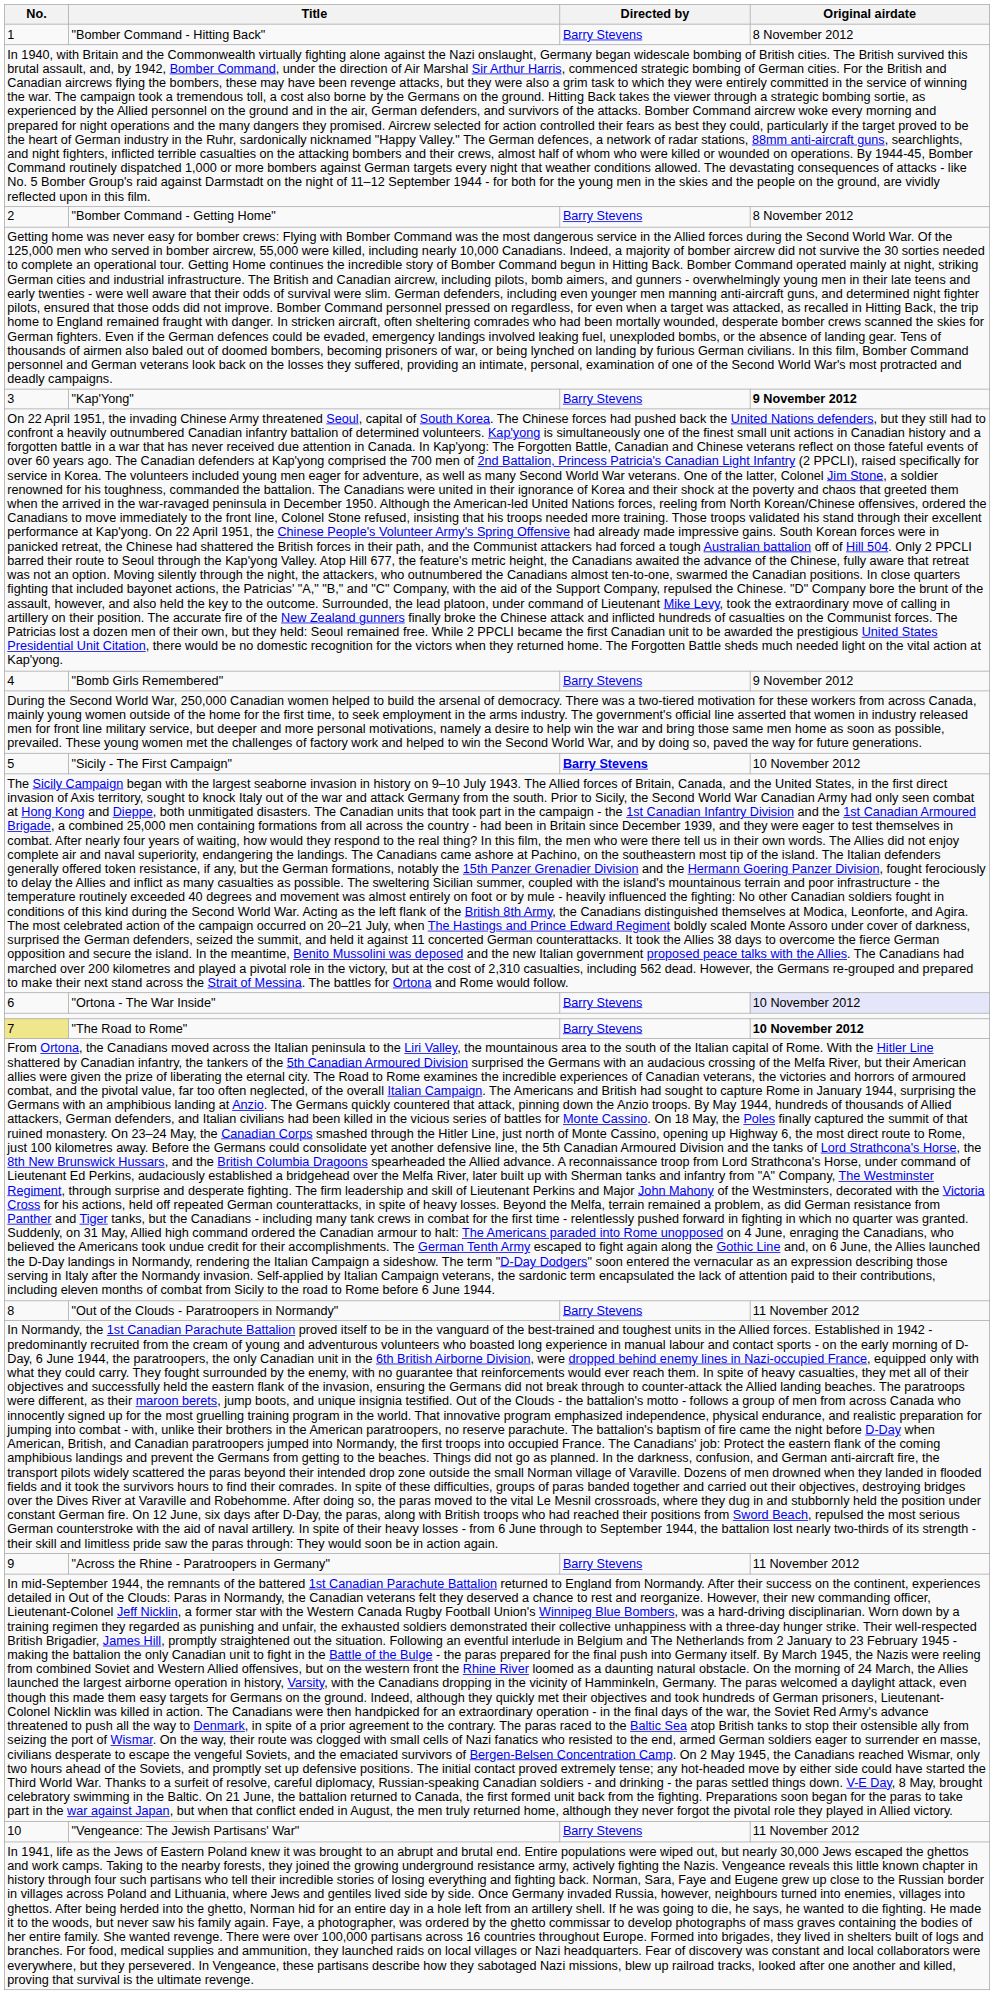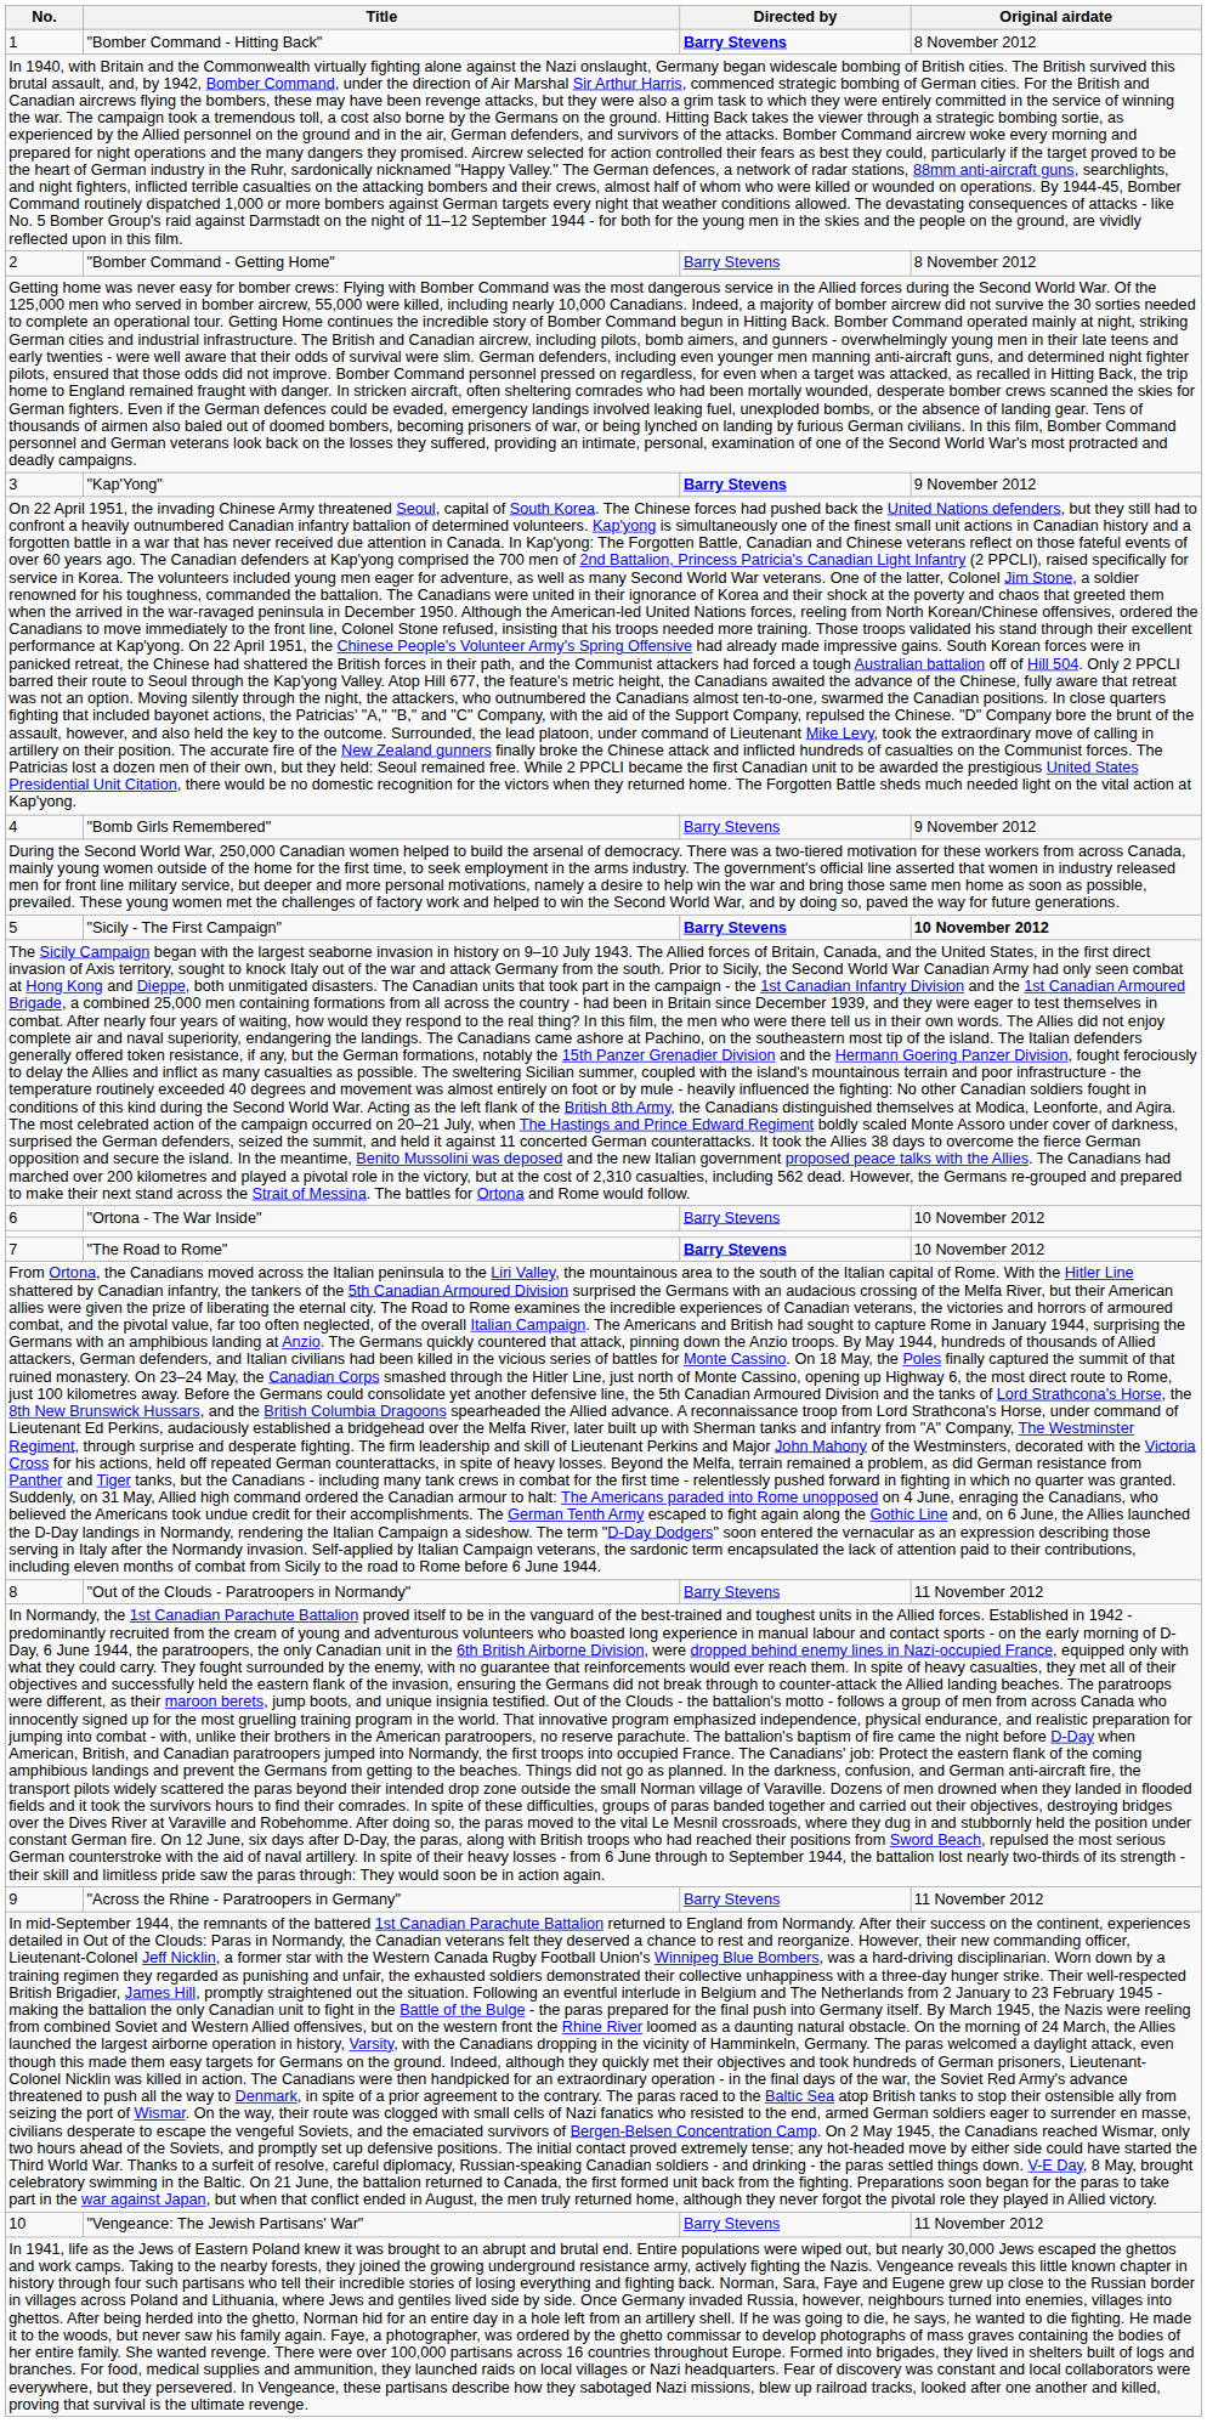 <table class="wikitable sortable">
 <tr>
 <th>No.</th>
 <th>Title</th>
 <th>Directed by</th>
 <th>Original airdate</th>
 </tr>
 <tr>
 <td>1</td>
 <td>"Bomber Command - Hitting Back"</td>
-<td><a href='#'>Barry Stevens</a></td>
+<td><strong><a href='#'>Barry Stevens</a></strong></td>
 <td>8 November 2012</td>
 </tr>
 <tr>
 <td colspan="4">In 1940, with Britain and the Commonwealth virtually fighting alone against the Nazi onslaught, Germany began widescale bombing of British cities. The British survived this brutal assault, and, by 1942, <a href='#'>Bomber Command</a>, under the direction of Air Marshal <a href='#'>Sir Arthur Harris</a>, commenced strategic bombing of German cities. For the British and Canadian aircrews flying the bombers, these may have been revenge attacks, but they were also a grim task to which they were entirely committed in the service of winning the war. The campaign took a tremendous toll, a cost also borne by the Germans on the ground. Hitting Back takes the viewer through a strategic bombing sortie, as experienced by the Allied personnel on the ground and in the air, German defenders, and survivors of the attacks. Bomber Command aircrew woke every morning and prepared for night operations and the many dangers they promised. Aircrew selected for action controlled their fears as best they could, particularly if the target proved to be the heart of German industry in the Ruhr, sardonically nicknamed "Happy Valley." The German defences, a network of radar stations, <a href='#'>88mm anti-aircraft guns</a>, searchlights, and night fighters, inflicted terrible casualties on the attacking bombers and their crews, almost half of whom who were killed or wounded on operations. By 1944-45, Bomber Command routinely dispatched 1,000 or more bombers against German targets every night that weather conditions allowed. The devastating consequences of attacks - like No. 5 Bomber Group's raid against Darmstadt on the night of 11–12 September 1944 - for both for the young men in the skies and the people on the ground, are vividly reflected upon in this film.</td>
 </tr>
 <tr>
 <td>2</td>
 <td>"Bomber Command - Getting Home"</td>
 <td><a href='#'>Barry Stevens</a></td>
 <td>8 November 2012</td>
 </tr>
 <tr>
 <td colspan="4">Getting home was never easy for bomber crews: Flying with Bomber Command was the most dangerous service in the Allied forces during the Second World War. Of the 125,000 men who served in bomber aircrew, 55,000 were killed, including nearly 10,000 Canadians. Indeed, a majority of bomber aircrew did not survive the 30 sorties needed to complete an operational tour. Getting Home continues the incredible story of Bomber Command begun in Hitting Back. Bomber Command operated mainly at night, striking German cities and industrial infrastructure. The British and Canadian aircrew, including pilots, bomb aimers, and gunners - overwhelmingly young men in their late teens and early twenties - were well aware that their odds of survival were slim. German defenders, including even younger men manning anti-aircraft guns, and determined night fighter pilots, ensured that those odds did not improve. Bomber Command personnel pressed on regardless, for even when a target was attacked, as recalled in Hitting Back, the trip home to England remained fraught with danger. In stricken aircraft, often sheltering comrades who had been mortally wounded, desperate bomber crews scanned the skies for German fighters. Even if the German defences could be evaded, emergency landings involved leaking fuel, unexploded bombs, or the absence of landing gear. Tens of thousands of airmen also baled out of doomed bombers, becoming prisoners of war, or being lynched on landing by furious German civilians. In this film, Bomber Command personnel and German veterans look back on the losses they suffered, providing an intimate, personal, examination of one of the Second World War's most protracted and deadly campaigns.</td>
 </tr>
 <tr>
 <td>3</td>
 <td>"Kap'Yong"</td>
-<td><a href='#'>Barry Stevens</a></td>
-<td><strong>9 November 2012</strong></td>
+<td><strong><a href='#'>Barry Stevens</a></strong></td>
+<td>9 November 2012</td>
 </tr>
 <tr>
 <td colspan="4">On 22 April 1951, the invading Chinese Army threatened <a href='#'>Seoul</a>, capital of <a href='#'>South Korea</a>. The Chinese forces had pushed back the <a href='#'>United Nations defenders</a>, but they still had to confront a heavily outnumbered Canadian infantry battalion of determined volunteers. <a href='#'>Kap'yong</a> is simultaneously one of the finest small unit actions in Canadian history and a forgotten battle in a war that has never received due attention in Canada. In Kap'yong: The Forgotten Battle, Canadian and Chinese veterans reflect on those fateful events of over 60 years ago. The Canadian defenders at Kap'yong comprised the 700 men of <a href='#'>2nd Battalion, Princess Patricia's Canadian Light Infantry</a> (2 PPCLI), raised specifically for service in Korea. The volunteers included young men eager for adventure, as well as many Second World War veterans. One of the latter, Colonel <a href='#'>Jim Stone</a>, a soldier renowned for his toughness, commanded the battalion. The Canadians were united in their ignorance of Korea and their shock at the poverty and chaos that greeted them when the arrived in the war-ravaged peninsula in December 1950. Although the American-led United Nations forces, reeling from North Korean/Chinese offensives, ordered the Canadians to move immediately to the front line, Colonel Stone refused, insisting that his troops needed more training. Those troops validated his stand through their excellent performance at Kap'yong. On 22 April 1951, the <a href='#'>Chinese People's Volunteer Army's Spring Offensive</a> had already made impressive gains. South Korean forces were in panicked retreat, the Chinese had shattered the British forces in their path, and the Communist attackers had forced a tough <a href='#'>Australian battalion</a> off of <a href='#'>Hill 504</a>. Only 2 PPCLI barred their route to Seoul through the Kap'yong Valley. Atop Hill 677, the feature's metric height, the Canadians awaited the advance of the Chinese, fully aware that retreat was not an option. Moving silently through the night, the attackers, who outnumbered the Canadians almost ten-to-one, swarmed the Canadian positions. In close quarters fighting that included bayonet actions, the Patricias' "A," "B," and "C" Company, with the aid of the Support Company, repulsed the Chinese. "D" Company bore the brunt of the assault, however, and also held the key to the outcome. Surrounded, the lead platoon, under command of Lieutenant <a href='#'>Mike Levy</a>, took the extraordinary move of calling in artillery on their position. The accurate fire of the <a href='#'>New Zealand gunners</a> finally broke the Chinese attack and inflicted hundreds of casualties on the Communist forces. The Patricias lost a dozen men of their own, but they held: Seoul remained free. While 2 PPCLI became the first Canadian unit to be awarded the prestigious <a href='#'>United States Presidential Unit Citation</a>, there would be no domestic recognition for the victors when they returned home. The Forgotten Battle sheds much needed light on the vital action at Kap'yong.</td>
 </tr>
 <tr>
 <td>4</td>
 <td>"Bomb Girls Remembered"</td>
 <td><a href='#'>Barry Stevens</a></td>
 <td>9 November 2012</td>
 </tr>
 <tr>
 <td colspan="4">During the Second World War, 250,000 Canadian women helped to build the arsenal of democracy. There was a two-tiered motivation for these workers from across Canada, mainly young women outside of the home for the first time, to seek employment in the arms industry. The government's official line asserted that women in industry released men for front line military service, but deeper and more personal motivations, namely a desire to help win the war and bring those same men home as soon as possible, prevailed. These young women met the challenges of factory work and helped to win the Second World War, and by doing so, paved the way for future generations.</td>
 </tr>
 <tr>
 <td>5</td>
 <td>"Sicily - The First Campaign"</td>
 <td><strong><a href='#'>Barry Stevens</a></strong></td>
-<td>10 November 2012</td>
+<td><strong>10 November 2012</strong></td>
 </tr>
 <tr>
 <td colspan="4">The <a href='#'>Sicily Campaign</a> began with the largest seaborne invasion in history on 9–10 July 1943. The Allied forces of Britain, Canada, and the United States, in the first direct invasion of Axis territory, sought to knock Italy out of the war and attack Germany from the south. Prior to Sicily, the Second World War Canadian Army had only seen combat at <a href='#'>Hong Kong</a> and <a href='#'>Dieppe</a>, both unmitigated disasters. The Canadian units that took part in the campaign - the <a href='#'>1st Canadian Infantry Division</a> and the <a href='#'>1st Canadian Armoured Brigade</a>, a combined 25,000 men containing formations from all across the country - had been in Britain since December 1939, and they were eager to test themselves in combat. After nearly four years of waiting, how would they respond to the real thing? In this film, the men who were there tell us in their own words. The Allies did not enjoy complete air and naval superiority, endangering the landings. The Canadians came ashore at Pachino, on the southeastern most tip of the island. The Italian defenders generally offered token resistance, if any, but the German formations, notably the <a href='#'>15th Panzer Grenadier Division</a> and the <a href='#'>Hermann Goering Panzer Division</a>, fought ferociously to delay the Allies and inflict as many casualties as possible. The sweltering Sicilian summer, coupled with the island's mountainous terrain and poor infrastructure - the temperature routinely exceeded 40 degrees and movement was almost entirely on foot or by mule - heavily influenced the fighting: No other Canadian soldiers fought in conditions of this kind during the Second World War. Acting as the left flank of the <a href='#'>British 8th Army</a>, the Canadians distinguished themselves at Modica, Leonforte, and Agira. The most celebrated action of the campaign occurred on 20–21 July, when <a href='#'>The Hastings and Prince Edward Regiment</a> boldly scaled Monte Assoro under cover of darkness, surprised the German defenders, seized the summit, and held it against 11 concerted German counterattacks. It took the Allies 38 days to overcome the fierce German opposition and secure the island. In the meantime, <a href='#'>Benito Mussolini was deposed</a> and the new Italian government <a href='#'>proposed peace talks with the Allies</a>. The Canadians had marched over 200 kilometres and played a pivotal role in the victory, but at the cost of 2,310 casualties, including 562 dead. However, the Germans re-grouped and prepared to make their next stand across the <a href='#'>Strait of Messina</a>. The battles for <a href='#'>Ortona</a> and Rome would follow.</td>
 </tr>
 <tr>
 <td>6</td>
 <td>"Ortona - The War Inside"</td>
 <td><a href='#'>Barry Stevens</a></td>
-<td style="background: lavender;">10 November 2012</td>
+<td>10 November 2012</td>
 </tr>
 <tr>
 <td colspan="4"></td>
 </tr>
 <tr>
-<td style="background: khaki;">7</td>
+<td>7</td>
 <td>"The Road to Rome"</td>
-<td><a href='#'>Barry Stevens</a></td>
-<td><strong>10 November 2012</strong></td>
+<td><strong><a href='#'>Barry Stevens</a></strong></td>
+<td>10 November 2012</td>
 </tr>
 <tr>
 <td colspan="4">From <a href='#'>Ortona</a>, the Canadians moved across the Italian peninsula to the <a href='#'>Liri Valley</a>, the mountainous area to the south of the Italian capital of Rome. With the <a href='#'>Hitler Line</a> shattered by Canadian infantry, the tankers of the <a href='#'>5th Canadian Armoured Division</a> surprised the Germans with an audacious crossing of the Melfa River, but their American allies were given the prize of liberating the eternal city. The Road to Rome examines the incredible experiences of Canadian veterans, the victories and horrors of armoured combat, and the pivotal value, far too often neglected, of the overall <a href='#'>Italian Campaign</a>. The Americans and British had sought to capture Rome in January 1944, surprising the Germans with an amphibious landing at <a href='#'>Anzio</a>. The Germans quickly countered that attack, pinning down the Anzio troops. By May 1944, hundreds of thousands of Allied attackers, German defenders, and Italian civilians had been killed in the vicious series of battles for <a href='#'>Monte Cassino</a>. On 18 May, the <a href='#'>Poles</a> finally captured the summit of that ruined monastery. On 23–24 May, the <a href='#'>Canadian Corps</a> smashed through the Hitler Line, just north of Monte Cassino, opening up Highway 6, the most direct route to Rome, just 100 kilometres away. Before the Germans could consolidate yet another defensive line, the 5th Canadian Armoured Division and the tanks of <a href='#'>Lord Strathcona's Horse</a>, the <a href='#'>8th New Brunswick Hussars</a>, and the <a href='#'>British Columbia Dragoons</a> spearheaded the Allied advance. A reconnaissance troop from Lord Strathcona's Horse, under command of Lieutenant Ed Perkins, audaciously established a bridgehead over the Melfa River, later built up with Sherman tanks and infantry from "A" Company, <a href='#'>The Westminster Regiment</a>, through surprise and desperate fighting. The firm leadership and skill of Lieutenant Perkins and Major <a href='#'>John Mahony</a> of the Westminsters, decorated with the <a href='#'>Victoria Cross</a> for his actions, held off repeated German counterattacks, in spite of heavy losses. Beyond the Melfa, terrain remained a problem, as did German resistance from <a href='#'>Panther</a> and <a href='#'>Tiger</a> tanks, but the Canadians - including many tank crews in combat for the first time - relentlessly pushed forward in fighting in which no quarter was granted. Suddenly, on 31 May, Allied high command ordered the Canadian armour to halt: <a href='#'>The Americans paraded into Rome unopposed</a> on 4 June, enraging the Canadians, who believed the Americans took undue credit for their accomplishments. The <a href='#'>German Tenth Army</a> escaped to fight again along the <a href='#'>Gothic Line</a> and, on 6 June, the Allies launched the D-Day landings in Normandy, rendering the Italian Campaign a sideshow. The term "<a href='#'>D-Day Dodgers</a>" soon entered the vernacular as an expression describing those serving in Italy after the Normandy invasion. Self-applied by Italian Campaign veterans, the sardonic term encapsulated the lack of attention paid to their contributions, including eleven months of combat from Sicily to the road to Rome before 6 June 1944.</td>
 </tr>
 <tr>
 <td>8</td>
 <td>"Out of the Clouds - Paratroopers in Normandy"</td>
 <td><a href='#'>Barry Stevens</a></td>
 <td>11 November 2012</td>
 </tr>
 <tr>
 <td colspan="4">In Normandy, the <a href='#'>1st Canadian Parachute Battalion</a> proved itself to be in the vanguard of the best-trained and toughest units in the Allied forces. Established in 1942 - predominantly recruited from the cream of young and adventurous volunteers who boasted long experience in manual labour and contact sports - on the early morning of D-Day, 6 June 1944, the paratroopers, the only Canadian unit in the <a href='#'>6th British Airborne Division</a>, were <a href='#'>dropped behind enemy lines in Nazi-occupied France</a>, equipped only with what they could carry. They fought surrounded by the enemy, with no guarantee that reinforcements would ever reach them. In spite of heavy casualties, they met all of their objectives and successfully held the eastern flank of the invasion, ensuring the Germans did not break through to counter-attack the Allied landing beaches. The paratroops were different, as their <a href='#'>maroon berets</a>, jump boots, and unique insignia testified. Out of the Clouds - the battalion's motto - follows a group of men from across Canada who innocently signed up for the most gruelling training program in the world. That innovative program emphasized independence, physical endurance, and realistic preparation for jumping into combat - with, unlike their brothers in the American paratroopers, no reserve parachute. The battalion's baptism of fire came the night before <a href='#'>D-Day</a> when American, British, and Canadian paratroopers jumped into Normandy, the first troops into occupied France. The Canadians' job: Protect the eastern flank of the coming amphibious landings and prevent the Germans from getting to the beaches. Things did not go as planned. In the darkness, confusion, and German anti-aircraft fire, the transport pilots widely scattered the paras beyond their intended drop zone outside the small Norman village of Varaville. Dozens of men drowned when they landed in flooded fields and it took the survivors hours to find their comrades. In spite of these difficulties, groups of paras banded together and carried out their objectives, destroying bridges over the Dives River at Varaville and Robehomme. After doing so, the paras moved to the vital Le Mesnil crossroads, where they dug in and stubbornly held the position under constant German fire. On 12 June, six days after D-Day, the paras, along with British troops who had reached their positions from <a href='#'>Sword Beach</a>, repulsed the most serious German counterstroke with the aid of naval artillery. In spite of their heavy losses - from 6 June through to September 1944, the battalion lost nearly two-thirds of its strength - their skill and limitless pride saw the paras through: They would soon be in action again.</td>
 </tr>
 <tr>
 <td>9</td>
 <td>"Across the Rhine - Paratroopers in Germany"</td>
 <td><a href='#'>Barry Stevens</a></td>
 <td>11 November 2012</td>
 </tr>
 <tr>
 <td colspan="4">In mid-September 1944, the remnants of the battered <a href='#'>1st Canadian Parachute Battalion</a> returned to England from Normandy. After their success on the continent, experiences detailed in Out of the Clouds: Paras in Normandy, the Canadian veterans felt they deserved a chance to rest and reorganize. However, their new commanding officer, Lieutenant-Colonel <a href='#'>Jeff Nicklin</a>, a former star with the Western Canada Rugby Football Union's <a href='#'>Winnipeg Blue Bombers</a>, was a hard-driving disciplinarian. Worn down by a training regimen they regarded as punishing and unfair, the exhausted soldiers demonstrated their collective unhappiness with a three-day hunger strike. Their well-respected British Brigadier, <a href='#'>James Hill</a>, promptly straightened out the situation. Following an eventful interlude in Belgium and The Netherlands from 2 January to 23 February 1945 - making the battalion the only Canadian unit to fight in the <a href='#'>Battle of the Bulge</a> - the paras prepared for the final push into Germany itself. By March 1945, the Nazis were reeling from combined Soviet and Western Allied offensives, but on the western front the <a href='#'>Rhine River</a> loomed as a daunting natural obstacle. On the morning of 24 March, the Allies launched the largest airborne operation in history, <a href='#'>Varsity</a>, with the Canadians dropping in the vicinity of Hamminkeln, Germany. The paras welcomed a daylight attack, even though this made them easy targets for Germans on the ground. Indeed, although they quickly met their objectives and took hundreds of German prisoners, Lieutenant-Colonel Nicklin was killed in action. The Canadians were then handpicked for an extraordinary operation - in the final days of the war, the Soviet Red Army's advance threatened to push all the way to <a href='#'>Denmark</a>, in spite of a prior agreement to the contrary. The paras raced to the <a href='#'>Baltic Sea</a> atop British tanks to stop their ostensible ally from seizing the port of <a href='#'>Wismar</a>. On the way, their route was clogged with small cells of Nazi fanatics who resisted to the end, armed German soldiers eager to surrender en masse, civilians desperate to escape the vengeful Soviets, and the emaciated survivors of <a href='#'>Bergen-Belsen Concentration Camp</a>. On 2 May 1945, the Canadians reached Wismar, only two hours ahead of the Soviets, and promptly set up defensive positions. The initial contact proved extremely tense; any hot-headed move by either side could have started the Third World War. Thanks to a surfeit of resolve, careful diplomacy, Russian-speaking Canadian soldiers - and drinking - the paras settled things down. <a href='#'>V-E Day</a>, 8 May, brought celebratory swimming in the Baltic. On 21 June, the battalion returned to Canada, the first formed unit back from the fighting. Preparations soon began for the paras to take part in the <a href='#'>war against Japan</a>, but when that conflict ended in August, the men truly returned home, although they never forgot the pivotal role they played in Allied victory.</td>
 </tr>
 <tr>
 <td>10</td>
 <td>"Vengeance: The Jewish Partisans' War"</td>
 <td><a href='#'>Barry Stevens</a></td>
 <td>11 November 2012</td>
 </tr>
 <tr>
 <td colspan="4">In 1941, life as the Jews of Eastern Poland knew it was brought to an abrupt and brutal end. Entire populations were wiped out, but nearly 30,000 Jews escaped the ghettos and work camps. Taking to the nearby forests, they joined the growing underground resistance army, actively fighting the Nazis. Vengeance reveals this little known chapter in history through four such partisans who tell their incredible stories of losing everything and fighting back. Norman, Sara, Faye and Eugene grew up close to the Russian border in villages across Poland and Lithuania, where Jews and gentiles lived side by side. Once Germany invaded Russia, however, neighbours turned into enemies, villages into ghettos. After being herded into the ghetto, Norman hid for an entire day in a hole left from an artillery shell. If he was going to die, he says, he wanted to die fighting. He made it to the woods, but never saw his family again. Faye, a photographer, was ordered by the ghetto commissar to develop photographs of mass graves containing the bodies of her entire family. She wanted revenge. There were over 100,000 partisans across 16 countries throughout Europe. Formed into brigades, they lived in shelters built of logs and branches. For food, medical supplies and ammunition, they launched raids on local villages or Nazi headquarters. Fear of discovery was constant and local collaborators were everywhere, but they persevered. In Vengeance, these partisans describe how they sabotaged Nazi missions, blew up railroad tracks, looked after one another and killed, proving that survival is the ultimate revenge.</td>
 </tr>
 </table>
